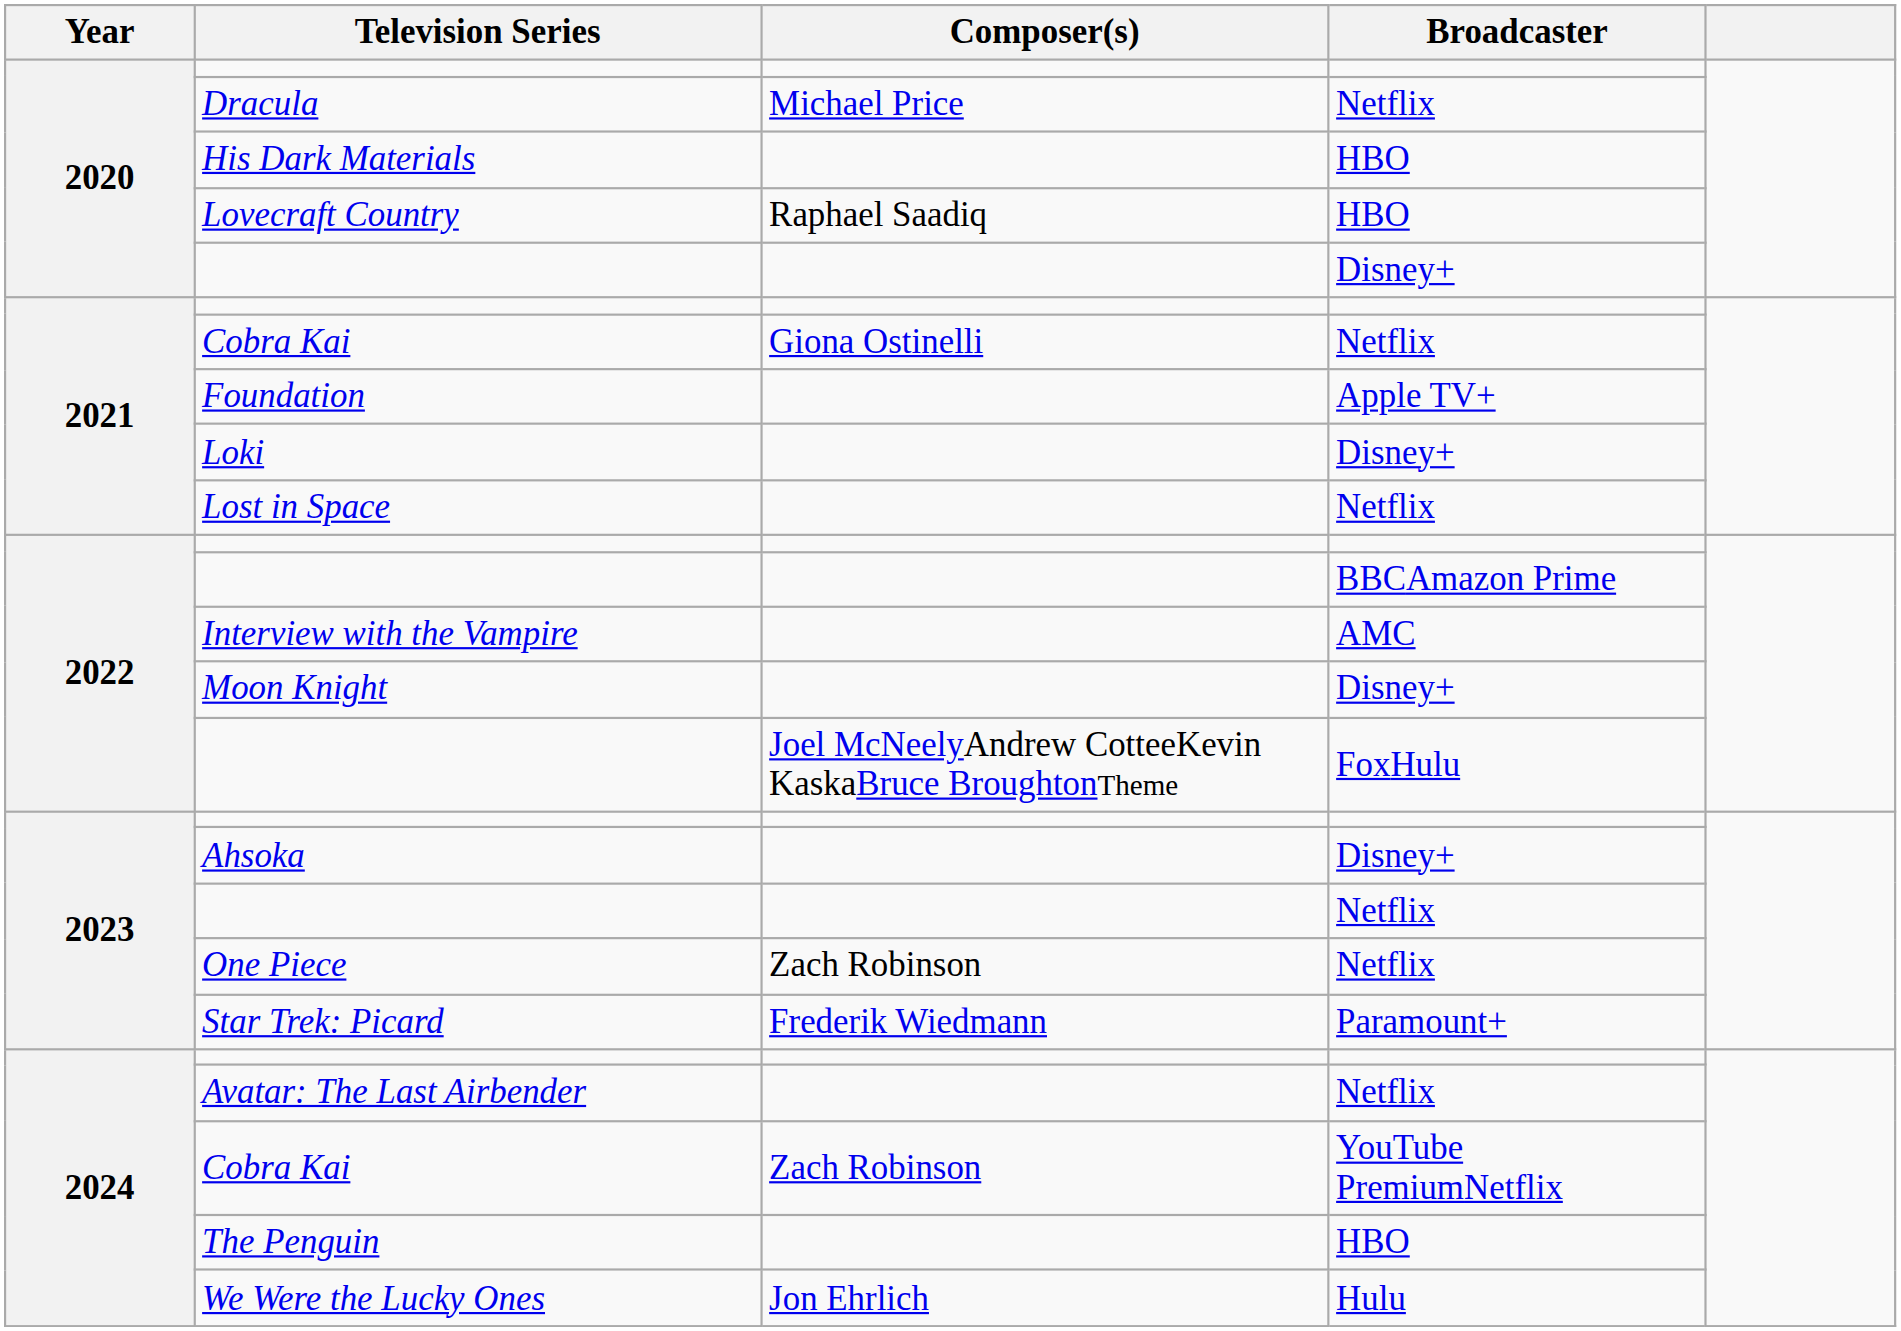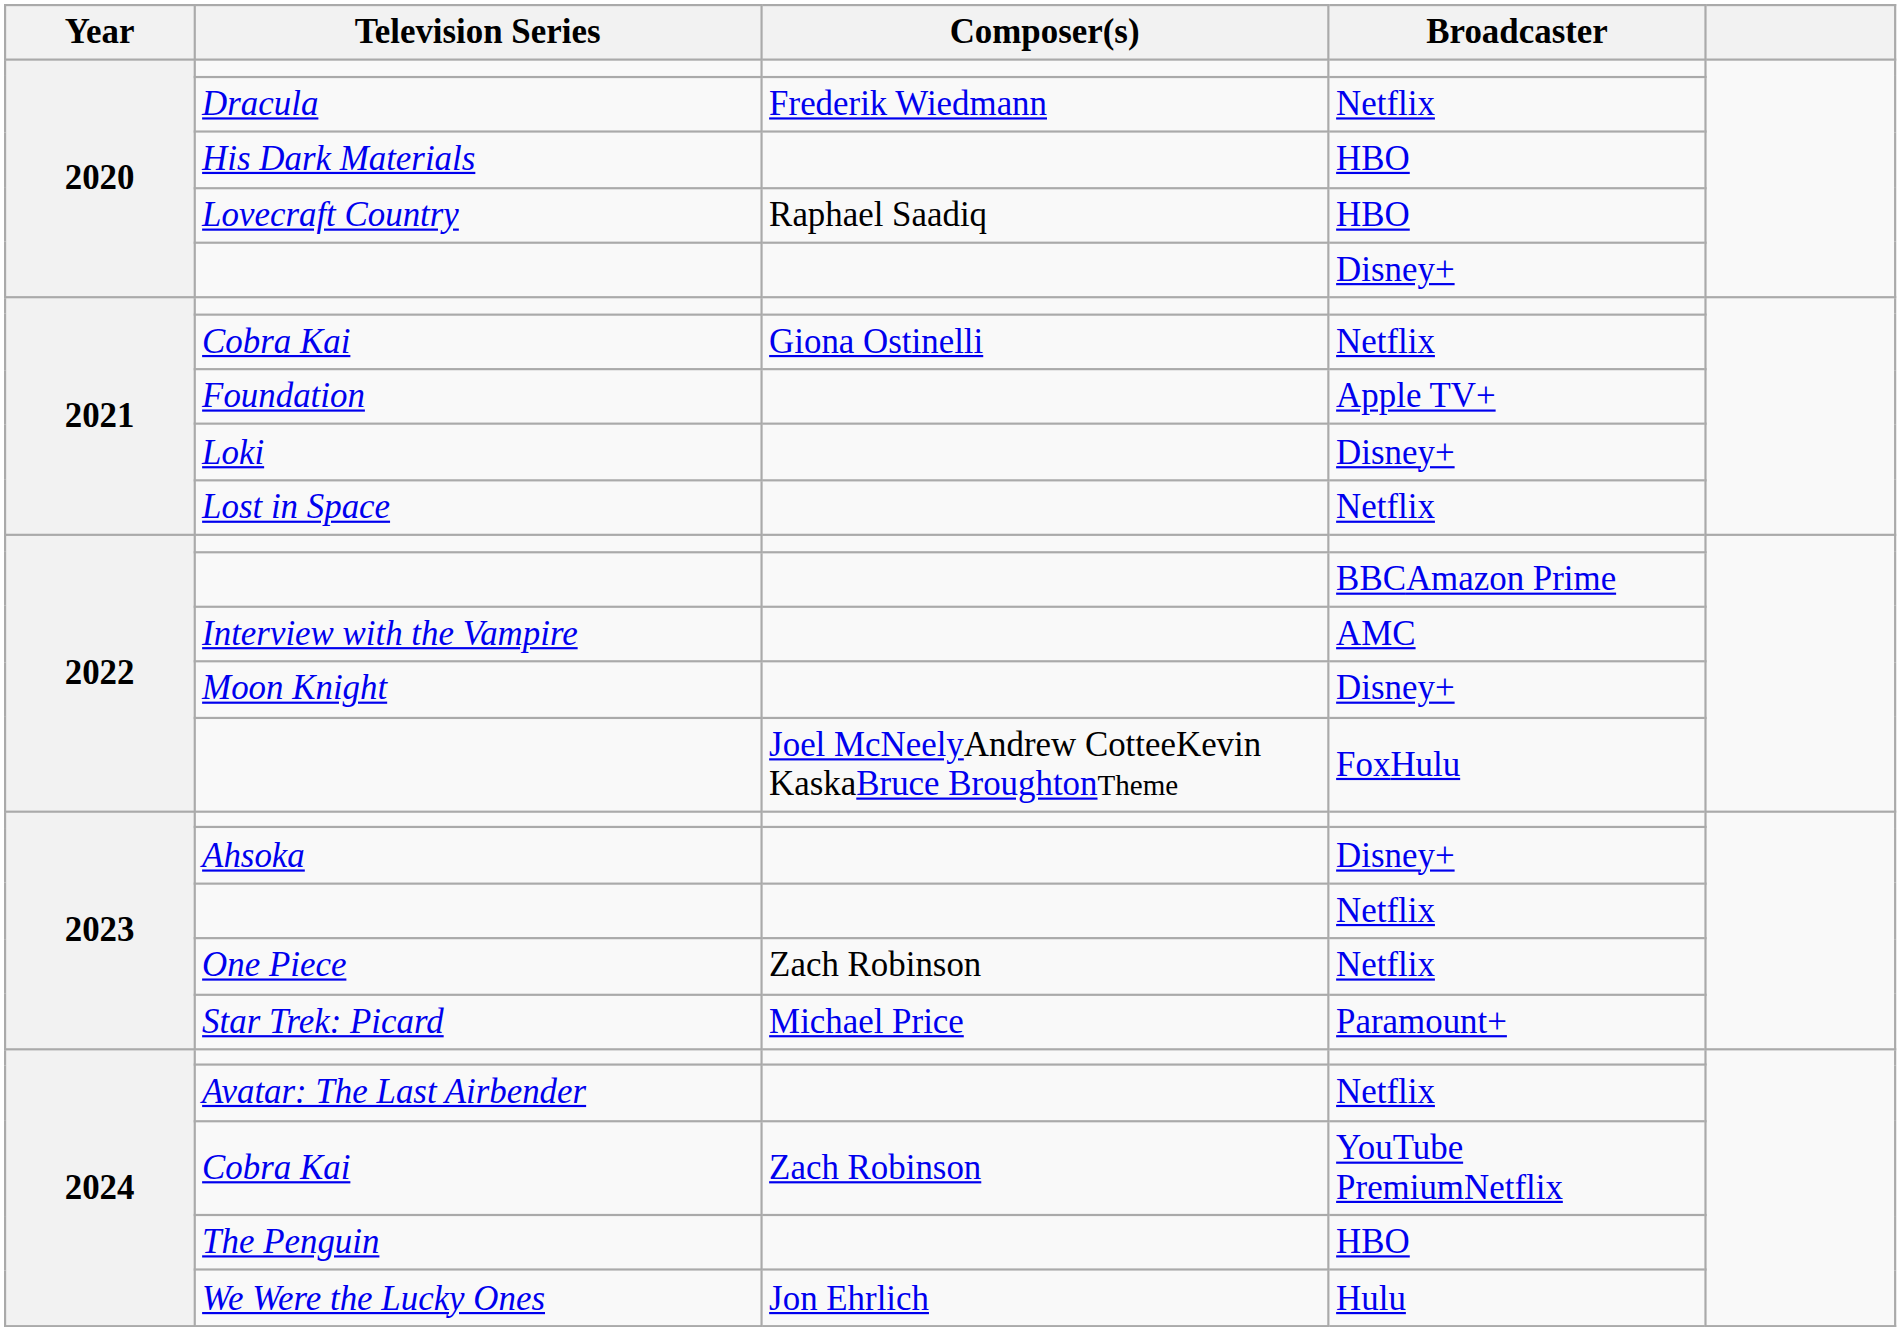 <table class="wikitable sortable">
 <tr>
 <th scope=col width="10%">Year</th>
 <th scope=col width="30%">Television Series</th>
 <th scope=col width="30%">Composer(s)</th>
 <th scope=col width="20%">Broadcaster</th>
 <th scope=col width="10%" class=unsortable></th>
 </tr>
 <tr>
 <th scope="rowgroup" rowspan="5">2020</th>
 <td></td>
 <td></td>
 <td></td>
 <td rowspan="5"></td>
 </tr>
 <tr>
 <td><em><a href='#'>Dracula</a></em></td>
-<td><a href='#'>Michael Price</a></td>
+<td><a href='#'>Frederik Wiedmann</a></td>
 <td><a href='#'>Netflix</a></td>
 </tr>
 <tr>
 <td><em><a href='#'>His Dark Materials</a></em></td>
 <td></td>
 <td><a href='#'>HBO</a></td>
 </tr>
 <tr>
 <td><em><a href='#'>Lovecraft Country</a></em></td>
 <td>Raphael Saadiq</td>
 <td><a href='#'>HBO</a></td>
 </tr>
 <tr>
 <td></td>
 <td></td>
 <td><a href='#'>Disney+</a></td>
 </tr>
 <tr>
 <th scope="rowgroup" rowspan="5">2021</th>
 <td></td>
 <td></td>
 <td></td>
 <td rowspan=5></td>
 </tr>
 <tr>
 <td><em><a href='#'>Cobra Kai</a></em></td>
 <td><a href='#'>Giona Ostinelli</a></td>
 <td><a href='#'>Netflix</a></td>
 </tr>
 <tr>
 <td><em><a href='#'>Foundation</a></em></td>
 <td></td>
 <td><a href='#'>Apple TV+</a></td>
 </tr>
 <tr>
 <td><em><a href='#'>Loki</a></em></td>
 <td></td>
 <td><a href='#'>Disney+</a></td>
 </tr>
 <tr>
 <td><em><a href='#'>Lost in Space</a></em></td>
 <td></td>
 <td><a href='#'>Netflix</a></td>
 </tr>
 <tr>
 <th scope="rowgroup" rowspan="5">2022</th>
 <td></td>
 <td></td>
 <td></td>
 <td rowspan=5></td>
 </tr>
 <tr>
 <td></td>
 <td></td>
 <td><a href='#'>BBC</a><a href='#'>Amazon Prime</a></td>
 </tr>
 <tr>
 <td><em><a href='#'>Interview with the Vampire</a></em></td>
 <td></td>
 <td><a href='#'>AMC</a></td>
 </tr>
 <tr>
 <td><em><a href='#'>Moon Knight</a></em></td>
 <td></td>
 <td><a href='#'>Disney+</a></td>
 </tr>
 <tr>
 <td></td>
 <td><a href='#'>Joel McNeely</a>Andrew CotteeKevin Kaska<a href='#'>Bruce Broughton</a><small>Theme</small></td>
 <td><a href='#'>Fox</a><a href='#'>Hulu</a></td>
 </tr>
 <tr>
 <th scope="rowgroup" rowspan="5">2023</th>
 <td></td>
 <td></td>
 <td></td>
 <td rowspan=5></td>
 </tr>
 <tr>
 <td><em><a href='#'>Ahsoka</a></em></td>
 <td></td>
 <td><a href='#'>Disney+</a></td>
 </tr>
 <tr>
 <td></td>
 <td></td>
 <td><a href='#'>Netflix</a></td>
 </tr>
 <tr>
 <td><em><a href='#'>One Piece</a></em></td>
 <td>Zach Robinson</td>
 <td><a href='#'>Netflix</a></td>
 </tr>
 <tr>
 <td><em><a href='#'>Star Trek: Picard</a></em></td>
-<td><a href='#'>Frederik Wiedmann</a></td>
+<td><a href='#'>Michael Price</a></td>
 <td><a href='#'>Paramount+</a></td>
 </tr>
 <tr>
 <th scope="rowgroup" rowspan=5>2024</th>
 <td></td>
 <td></td>
 <td></td>
 <td rowspan=5></td>
 </tr>
 <tr>
 <td><em><a href='#'>Avatar: The Last Airbender</a></em></td>
 <td></td>
 <td><a href='#'>Netflix</a></td>
 </tr>
 <tr>
 <td><em><a href='#'>Cobra Kai</a></em></td>
 <td><a href='#'>Zach Robinson</a></td>
 <td><a href='#'>YouTube Premium</a><a href='#'>Netflix</a></td>
 </tr>
 <tr>
 <td><em><a href='#'>The Penguin</a></em></td>
 <td></td>
 <td><a href='#'>HBO</a></td>
 </tr>
 <tr>
 <td><em><a href='#'>We Were the Lucky Ones</a></em></td>
 <td><a href='#'>Jon Ehrlich</a></td>
 <td><a href='#'>Hulu</a></td>
 </tr>
 </table>
